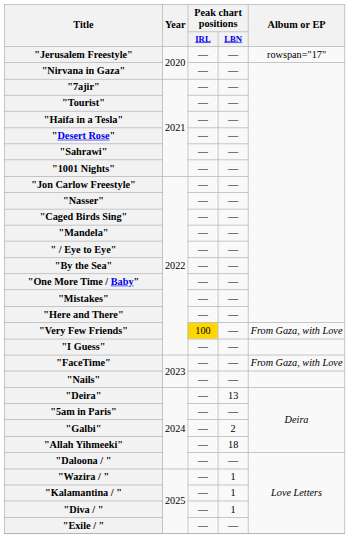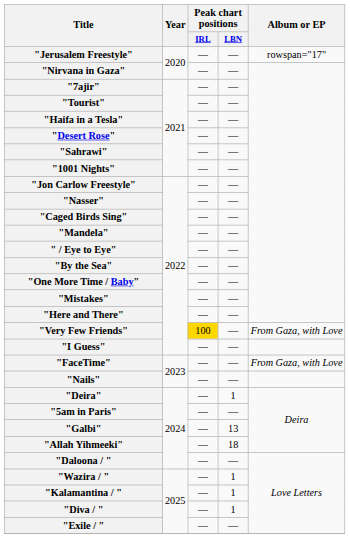 <table class="wikitable plainrowheaders" style="text-align:center;">
 <tr>
 <th scope="col" rowspan="2" style="width:15em;">Title</th>
 <th scope="col" rowspan="2" style="width:1em;">Year</th>
 <th colspan="2">Peak chart positions</th>
 <th scope="col" rowspan="2">Album or EP</th>
 </tr>
 <tr>
 <th scope="col" style="width:3em;font-size:85%;"><a href='#'>IRL</a><br></th>
 <th scope="col" style="width:3em;font-size:85%;"><a href='#'>LBN</a><br></th>
 </tr>
 <tr>
 <th scope="row">"Jerusalem Freestyle"</th>
 <td rowspan="2">2020</td>
 <td>—</td>
 <td>—</td>
 <td>rowspan="17" </td>
 </tr>
 <tr>
 <th scope="row">"Nirvana in Gaza"</th>
 <td>—</td>
 <td>—</td>
 </tr>
 <tr>
 <th scope="row">"7ajir"</th>
 <td rowspan="6">2021</td>
 <td>—</td>
 <td>—</td>
 </tr>
 <tr>
 <th scope="row">"Tourist"</th>
 <td>—</td>
 <td>—</td>
 </tr>
 <tr>
 <th scope="row">"Haifa in a Tesla"</th>
 <td>—</td>
 <td>—</td>
 </tr>
 <tr>
 <th scope="row">"<a href='#'>Desert Rose</a>" </th>
 <td>—</td>
 <td>—</td>
 </tr>
 <tr>
 <th scope="row">"Sahrawi"</th>
 <td>—</td>
 <td>—</td>
 </tr>
 <tr>
 <th scope="row">"1001 Nights"</th>
 <td>—</td>
 <td>—</td>
 </tr>
 <tr>
 <th scope="row">"Jon Carlow Freestyle" </th>
 <td rowspan="11">2022</td>
 <td>—</td>
 <td>—</td>
 </tr>
 <tr>
 <th scope="row">"Nasser"</th>
 <td>—</td>
 <td>—</td>
 </tr>
 <tr>
 <th scope="row">"Caged Birds Sing"</th>
 <td>—</td>
 <td>—</td>
 </tr>
 <tr>
 <th scope="row">"Mandela"</th>
 <td>—</td>
 <td>—</td>
 </tr>
 <tr>
 <th scope="row">" / Eye to Eye"</th>
 <td>—</td>
 <td>—</td>
 </tr>
 <tr>
 <th scope="row">"By the Sea"</th>
 <td>—</td>
 <td>—</td>
 </tr>
 <tr>
 <th scope="row">"One More Time / <a href='#'>Baby</a>"</th>
 <td>—</td>
 <td>—</td>
 </tr>
 <tr>
 <th scope="row">"Mistakes"</th>
 <td>—</td>
 <td>—</td>
 </tr>
 <tr>
 <th scope="row">"Here and There" </th>
 <td>—</td>
 <td>—</td>
 </tr>
 <tr>
 <th scope="row">"Very Few Friends"</th>
 <td style="background: gold;">100</td>
 <td>—</td>
 <td><em>From Gaza, with Love</em></td>
 </tr>
 <tr>
 <th scope="row">"I Guess" </th>
 <td>—</td>
 <td>—</td>
 <td></td>
 </tr>
 <tr>
 <th scope="row">"FaceTime"</th>
 <td rowspan="2">2023</td>
 <td>—</td>
 <td>—</td>
 <td><em>From Gaza, with Love</em></td>
 </tr>
 <tr>
 <th scope="row">"Nails"</th>
 <td>—</td>
 <td>—</td>
 <td></td>
 </tr>
 <tr>
 <th scope="row">"Deira" </th>
 <td rowspan="5">2024</td>
 <td>—</td>
-<td>13</td>
+<td>1</td>
 <td rowspan="4"><em>Deira</em></td>
 </tr>
 <tr>
 <th scope="row">"5am in Paris"</th>
 <td>—</td>
 <td>—</td>
 </tr>
 <tr>
 <th scope="row">"Galbi"</th>
 <td>—</td>
-<td>2</td>
+<td>13</td>
 </tr>
 <tr>
 <th scope="row">"Allah Yihmeeki" </th>
 <td>—</td>
 <td>18</td>
 </tr>
 <tr>
 <th scope="row">"Daloona / " </th>
 <td>—</td>
 <td>—</td>
 <td rowspan="5"><em>Love Letters</em></td>
 </tr>
 <tr>
 <th scope="row">"Wazira / "</th>
 <td rowspan="4">2025</td>
 <td>—</td>
 <td>1</td>
 </tr>
 <tr>
 <th scope="row">"Kalamantina / "</th>
 <td>—</td>
 <td>1</td>
 </tr>
 <tr>
 <th scope="row">"Diva / "</th>
 <td>—</td>
 <td>1</td>
 </tr>
 <tr>
 <th scope="row">"Exile / "</th>
 <td>—</td>
 <td>—</td>
 </tr>
 <tr>
 </tr>
 </table>
